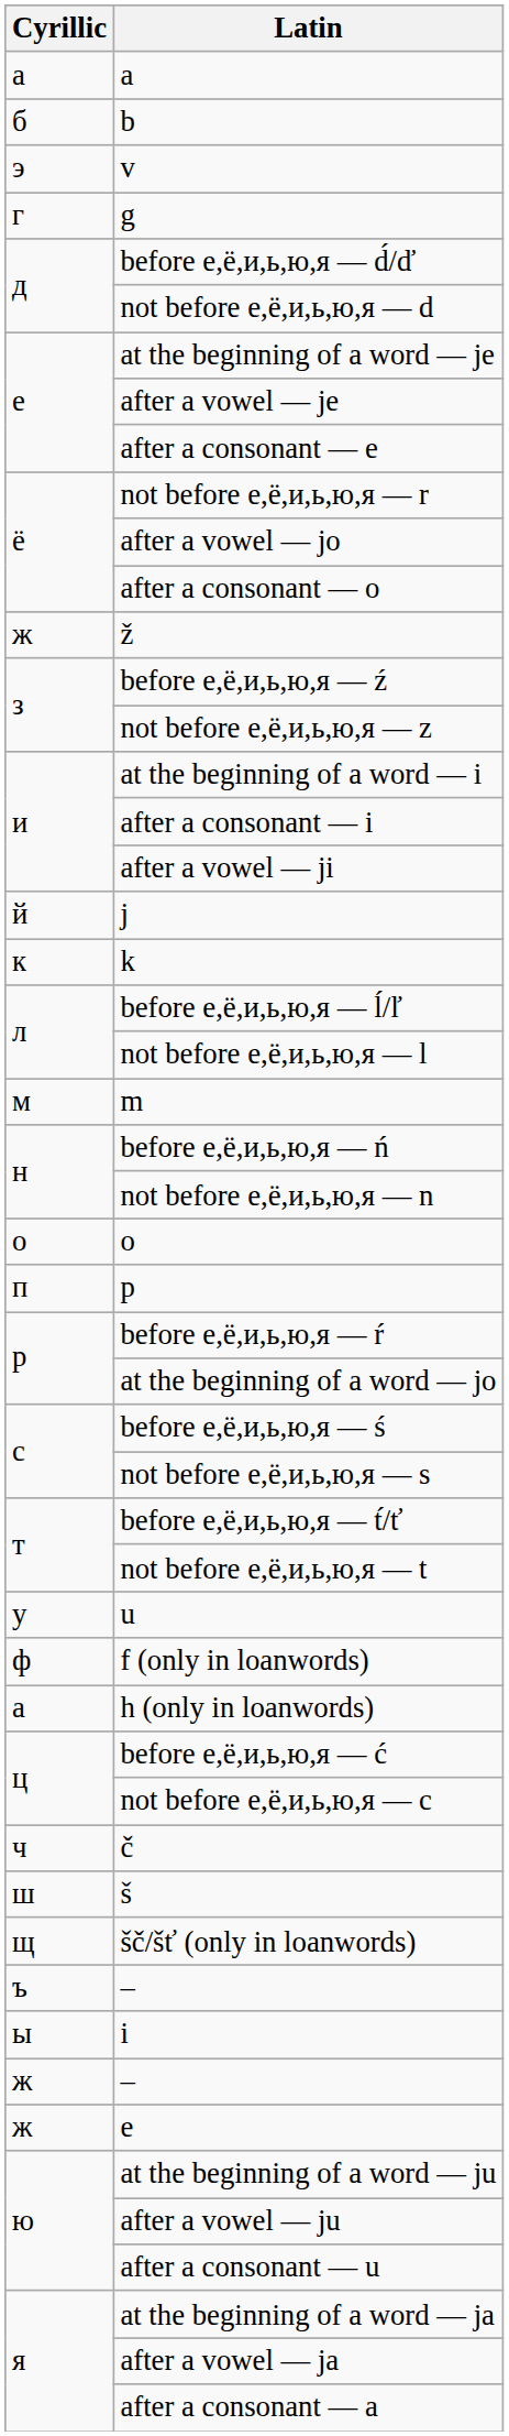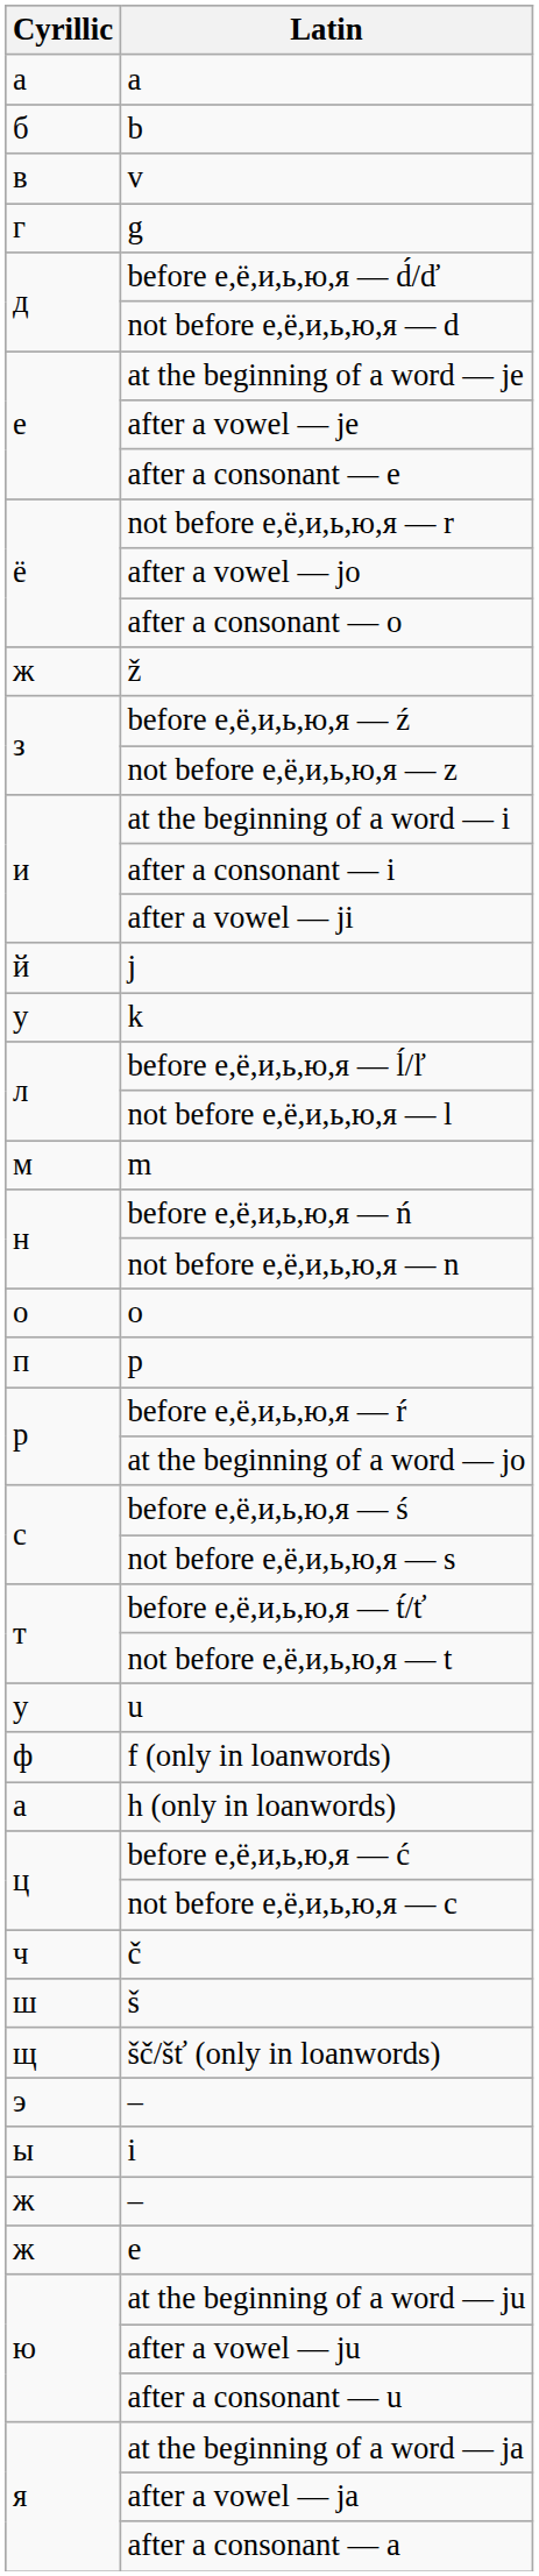 <table class="wikitable">
 <tr>
 <th>Cyrillic</th>
 <th>Latin</th>
 </tr>
 <tr>
 <td>a</td>
 <td>a</td>
 </tr>
 <tr>
 <td>б</td>
 <td>b</td>
 </tr>
 <tr>
-<td>э</td>
+<td>в</td>
 <td>v</td>
 </tr>
 <tr>
 <td>г</td>
 <td>g</td>
 </tr>
 <tr>
 <td rowspan="2">д</td>
 <td>before e,ë,и,ь,ю,я — d́/ď</td>
 </tr>
 <tr>
 <td>not before e,ë,и,ь,ю,я — d</td>
 </tr>
 <tr>
 <td rowspan="3">e</td>
 <td>at the beginning of a word — je</td>
 </tr>
 <tr>
 <td>after a vowel — je</td>
 </tr>
 <tr>
 <td>after a consonant — e</td>
 </tr>
 <tr>
 <td rowspan="3">ë</td>
 <td>not before e,ë,и,ь,ю,я — r</td>
 </tr>
 <tr>
 <td>after a vowel — jo</td>
 </tr>
 <tr>
 <td>after a consonant — o</td>
 </tr>
 <tr>
 <td>ж</td>
 <td>ž</td>
 </tr>
 <tr>
 <td rowspan="2">з</td>
 <td>before e,ë,и,ь,ю,я — ź</td>
 </tr>
 <tr>
 <td>not before e,ë,и,ь,ю,я — z</td>
 </tr>
 <tr>
 <td rowspan="3">и</td>
 <td>at the beginning of a word — i</td>
 </tr>
 <tr>
 <td>after a consonant — i</td>
 </tr>
 <tr>
 <td>after a vowel — ji</td>
 </tr>
 <tr>
 <td>й</td>
 <td>j</td>
 </tr>
 <tr>
-<td>к</td>
+<td>у</td>
 <td>k</td>
 </tr>
 <tr>
 <td rowspan="2">л</td>
 <td>before e,ë,и,ь,ю,я — ĺ/ľ</td>
 </tr>
 <tr>
 <td>not before e,ë,и,ь,ю,я — l</td>
 </tr>
 <tr>
 <td>м</td>
 <td>m</td>
 </tr>
 <tr>
 <td rowspan="2">н</td>
 <td>before e,ë,и,ь,ю,я — ń</td>
 </tr>
 <tr>
 <td>not before e,ë,и,ь,ю,я — n</td>
 </tr>
 <tr>
 <td>o</td>
 <td>o</td>
 </tr>
 <tr>
 <td>п</td>
 <td>p</td>
 </tr>
 <tr>
 <td rowspan="2">p</td>
 <td>before e,ë,и,ь,ю,я — ŕ</td>
 </tr>
 <tr>
 <td>at the beginning of a word — jo</td>
 </tr>
 <tr>
 <td rowspan="2">c</td>
 <td>before e,ë,и,ь,ю,я — ś</td>
 </tr>
 <tr>
 <td>not before e,ë,и,ь,ю,я — s</td>
 </tr>
 <tr>
 <td rowspan="2">т</td>
 <td>before e,ë,и,ь,ю,я — t́/ť</td>
 </tr>
 <tr>
 <td>not before e,ë,и,ь,ю,я — t</td>
 </tr>
 <tr>
 <td>у</td>
 <td>u</td>
 </tr>
 <tr>
 <td>ф</td>
 <td>f (only in loanwords)</td>
 </tr>
 <tr>
 <td>a</td>
 <td>h (only in loanwords)</td>
 </tr>
 <tr>
 <td rowspan="2">ц</td>
 <td>before e,ë,и,ь,ю,я — ć</td>
 </tr>
 <tr>
 <td>not before e,ë,и,ь,ю,я — c</td>
 </tr>
 <tr>
 <td>ч</td>
 <td>č</td>
 </tr>
 <tr>
 <td>ш</td>
 <td>š</td>
 </tr>
 <tr>
 <td>щ</td>
 <td>šč/šť (only in loanwords)</td>
 </tr>
 <tr>
-<td>ъ</td>
+<td>э</td>
 <td>–</td>
 </tr>
 <tr>
 <td>ы</td>
 <td>i</td>
 </tr>
 <tr>
 <td>ж</td>
 <td>–</td>
 </tr>
 <tr>
 <td>ж</td>
 <td>e</td>
 </tr>
 <tr>
 <td rowspan="3">ю</td>
 <td>at the beginning of a word — ju</td>
 </tr>
 <tr>
 <td>after a vowel — ju</td>
 </tr>
 <tr>
 <td>after a consonant — u</td>
 </tr>
 <tr>
 <td rowspan="3">я</td>
 <td>at the beginning of a word — ja</td>
 </tr>
 <tr>
 <td>after a vowel — ja</td>
 </tr>
 <tr>
 <td>after a consonant — a</td>
 </tr>
 </table>
